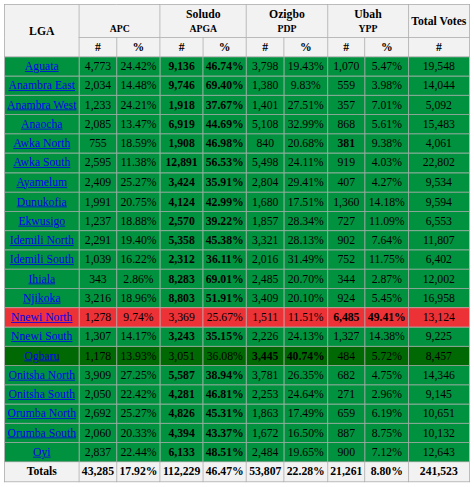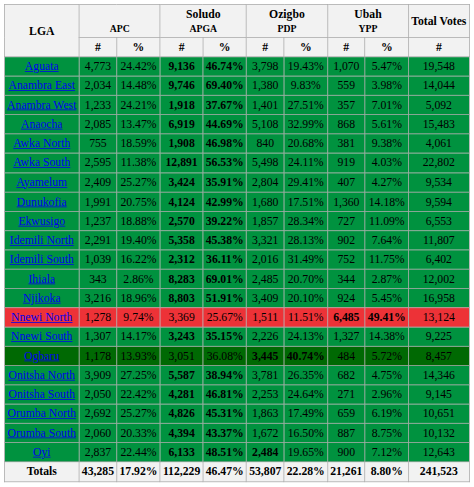 <table class="wikitable sortable" style=" font-size: 95%">
 <tr>
 <th rowspan="2">LGA</th>
 <th colspan="2"><br><small>APC</small></th>
 <th colspan="2">Soludo<br><small>APGA</small></th>
 <th colspan="2">Ozigbo<br><small>PDP</small></th>
 <th colspan="2">Ubah<br><small>YPP</small></th>
 <th>Total Votes</th>
 </tr>
 <tr>
 <th>#</th>
 <th>%</th>
 <th>#</th>
 <th>%</th>
 <th>#</th>
 <th>%</th>
 <th>#</th>
 <th>%</th>
 <th>#</th>
 </tr>
 <tr>
 <td bgcolor=#00923F align="center"><a href='#'>Aguata</a></td>
 <td bgcolor=#00923F align="center">4,773</td>
 <td bgcolor=#00923F align="center">24.42%</td>
 <td bgcolor=#00923F align="center"><strong>9,136</strong></td>
 <td bgcolor=#00923F align="center"><strong>46.74%</strong></td>
 <td bgcolor=#00923F align="center">3,798</td>
 <td bgcolor=#00923F align="center">19.43%</td>
 <td bgcolor=#00923F align="center">1,070</td>
 <td bgcolor=#00923F align="center">5.47%</td>
 <td bgcolor=#00923F align="center">19,548</td>
 </tr>
 <tr>
 <td bgcolor=#00923F align="center"><a href='#'>Anambra East</a></td>
 <td bgcolor=#00923F align="center">2,034</td>
 <td bgcolor=#00923F align="center">14.48%</td>
 <td bgcolor=#00923F align="center"><strong>9,746</strong></td>
 <td bgcolor=#00923F align="center"><strong>69.40%</strong></td>
 <td bgcolor=#00923F align="center">1,380</td>
 <td bgcolor=#00923F align="center">9.83%</td>
 <td bgcolor=#00923F align="center">559</td>
 <td bgcolor=#00923F align="center">3.98%</td>
 <td bgcolor=#00923F align="center">14,044</td>
 </tr>
 <tr>
 <td bgcolor=#00923F align="center"><a href='#'>Anambra West</a></td>
 <td bgcolor=#00923F align="center">1,233</td>
 <td bgcolor=#00923F align="center">24.21%</td>
 <td bgcolor=#00923F align="center"><strong>1,918</strong></td>
 <td bgcolor=#00923F align="center"><strong>37.67%</strong></td>
 <td bgcolor=#00923F align="center">1,401</td>
 <td bgcolor=#00923F align="center">27.51%</td>
 <td bgcolor=#00923F align="center">357</td>
 <td bgcolor=#00923F align="center">7.01%</td>
 <td bgcolor=#00923F align="center">5,092</td>
 </tr>
 <tr>
 <td bgcolor=#00923F align="center"><a href='#'>Anaocha</a></td>
 <td bgcolor=#00923F align="center">2,085</td>
 <td bgcolor=#00923F align="center">13.47%</td>
 <td bgcolor=#00923F align="center"><strong>6,919</strong></td>
 <td bgcolor=#00923F align="center"><strong>44.69%</strong></td>
 <td bgcolor=#00923F align="center">5,108</td>
 <td bgcolor=#00923F align="center">32.99%</td>
 <td bgcolor=#00923F align="center">868</td>
 <td bgcolor=#00923F align="center">5.61%</td>
 <td bgcolor=#00923F align="center">15,483</td>
 </tr>
 <tr>
 <td bgcolor=#00923F align="center"><a href='#'>Awka North</a></td>
 <td bgcolor=#00923F align="center">755</td>
 <td bgcolor=#00923F align="center">18.59%</td>
 <td bgcolor=#00923F align="center"><strong>1,908</strong></td>
 <td bgcolor=#00923F align="center"><strong>46.98%</strong></td>
 <td bgcolor=#00923F align="center">840</td>
 <td bgcolor=#00923F align="center">20.68%</td>
-<td bgcolor=#00923F align="center"><strong>381</strong></td>
+<td bgcolor=#00923F align="center">381</td>
 <td bgcolor=#00923F align="center">9.38%</td>
 <td bgcolor=#00923F align="center">4,061</td>
 </tr>
 <tr>
 <td bgcolor=#00923F align="center"><a href='#'>Awka South</a></td>
 <td bgcolor=#00923F align="center">2,595</td>
 <td bgcolor=#00923F align="center">11.38%</td>
 <td bgcolor=#00923F align="center"><strong>12,891</strong></td>
 <td bgcolor=#00923F align="center"><strong>56.53%</strong></td>
 <td bgcolor=#00923F align="center">5,498</td>
 <td bgcolor=#00923F align="center">24.11%</td>
 <td bgcolor=#00923F align="center">919</td>
 <td bgcolor=#00923F align="center">4.03%</td>
 <td bgcolor=#00923F align="center">22,802</td>
 </tr>
 <tr>
 <td bgcolor=#00923F align="center"><a href='#'>Ayamelum</a></td>
 <td bgcolor=#00923F align="center">2,409</td>
 <td bgcolor=#00923F align="center">25.27%</td>
 <td bgcolor=#00923F align="center"><strong>3,424</strong></td>
 <td bgcolor=#00923F align="center"><strong>35.91%</strong></td>
 <td bgcolor=#00923F align="center">2,804</td>
 <td bgcolor=#00923F align="center">29.41%</td>
 <td bgcolor=#00923F align="center">407</td>
 <td bgcolor=#00923F align="center">4.27%</td>
 <td bgcolor=#00923F align="center">9,534</td>
 </tr>
 <tr>
 <td bgcolor=#00923F align="center"><a href='#'>Dunukofia</a></td>
 <td bgcolor=#00923F align="center">1,991</td>
 <td bgcolor=#00923F align="center">20.75%</td>
 <td bgcolor=#00923F align="center"><strong>4,124</strong></td>
 <td bgcolor=#00923F align="center"><strong>42.99%</strong></td>
 <td bgcolor=#00923F align="center">1,680</td>
 <td bgcolor=#00923F align="center">17.51%</td>
 <td bgcolor=#00923F align="center">1,360</td>
 <td bgcolor=#00923F align="center">14.18%</td>
 <td bgcolor=#00923F align="center">9,594</td>
 </tr>
 <tr>
 <td bgcolor=#00923F align="center"><a href='#'>Ekwusigo</a></td>
 <td bgcolor=#00923F align="center">1,237</td>
 <td bgcolor=#00923F align="center">18.88%</td>
 <td bgcolor=#00923F align="center"><strong>2,570</strong></td>
 <td bgcolor=#00923F align="center"><strong>39.22%</strong></td>
 <td bgcolor=#00923F align="center">1,857</td>
 <td bgcolor=#00923F align="center">28.34%</td>
 <td bgcolor=#00923F align="center">727</td>
 <td bgcolor=#00923F align="center">11.09%</td>
 <td bgcolor=#00923F align="center">6,553</td>
 </tr>
 <tr>
 <td bgcolor=#00923F align="center"><a href='#'>Idemili North</a></td>
 <td bgcolor=#00923F align="center">2,291</td>
 <td bgcolor=#00923F align="center">19.40%</td>
 <td bgcolor=#00923F align="center"><strong>5,358</strong></td>
 <td bgcolor=#00923F align="center"><strong>45.38%</strong></td>
 <td bgcolor=#00923F align="center">3,321</td>
 <td bgcolor=#00923F align="center">28.13%</td>
 <td bgcolor=#00923F align="center">902</td>
 <td bgcolor=#00923F align="center">7.64%</td>
 <td bgcolor=#00923F align="center">11,807</td>
 </tr>
 <tr>
 <td bgcolor=#00923F align="center"><a href='#'>Idemili South</a></td>
 <td bgcolor=#00923F align="center">1,039</td>
 <td bgcolor=#00923F align="center">16.22%</td>
 <td bgcolor=#00923F align="center"><strong>2,312</strong></td>
 <td bgcolor=#00923F align="center"><strong>36.11%</strong></td>
 <td bgcolor=#00923F align="center">2,016</td>
 <td bgcolor=#00923F align="center">31.49%</td>
 <td bgcolor=#00923F align="center">752</td>
 <td bgcolor=#00923F align="center">11.75%</td>
 <td bgcolor=#00923F align="center">6,402</td>
 </tr>
 <tr>
 <td bgcolor=#00923F align="center"><a href='#'>Ihiala</a></td>
 <td bgcolor=#00923F align="center">343</td>
 <td bgcolor=#00923F align="center">2.86%</td>
 <td bgcolor=#00923F align="center"><strong>8,283</strong></td>
 <td bgcolor=#00923F align="center"><strong>69.01%</strong></td>
 <td bgcolor=#00923F align="center">2,485</td>
 <td bgcolor=#00923F align="center">20.70%</td>
 <td bgcolor=#00923F align="center">344</td>
 <td bgcolor=#00923F align="center">2.87%</td>
 <td bgcolor=#00923F align="center">12,002</td>
 </tr>
 <tr>
 <td bgcolor=#00923F align="center"><a href='#'>Njikoka</a></td>
 <td bgcolor=#00923F align="center">3,216</td>
 <td bgcolor=#00923F align="center">18.96%</td>
 <td bgcolor=#00923F align="center"><strong>8,803</strong></td>
 <td bgcolor=#00923F align="center"><strong>51.91%</strong></td>
 <td bgcolor=#00923F align="center">3,409</td>
 <td bgcolor=#00923F align="center">20.10%</td>
 <td bgcolor=#00923F align="center">924</td>
 <td bgcolor=#00923F align="center">5.45%</td>
 <td bgcolor=#00923F align="center">16,958</td>
 </tr>
 <tr>
 <td bgcolor=#ED3237 align="center"><a href='#'>Nnewi North</a></td>
 <td bgcolor=#ED3237 align="center">1,278</td>
 <td bgcolor=#ED3237 align="center">9.74%</td>
 <td bgcolor=#ED3237 align="center">3,369</td>
 <td bgcolor=#ED3237 align="center">25.67%</td>
 <td bgcolor=#ED3237 align="center">1,511</td>
 <td bgcolor=#ED3237 align="center">11.51%</td>
 <td bgcolor=#ED3237 align="center"><strong>6,485</strong></td>
 <td bgcolor=#ED3237 align="center"><strong>49.41%</strong></td>
 <td bgcolor=#ED3237 align="center">13,124</td>
 </tr>
 <tr>
 <td bgcolor=#00923F align="center"><a href='#'>Nnewi South</a></td>
 <td bgcolor=#00923F align="center">1,307</td>
 <td bgcolor=#00923F align="center">14.17%</td>
 <td bgcolor=#00923F align="center"><strong>3,243</strong></td>
 <td bgcolor=#00923F align="center"><strong>35.15%</strong></td>
 <td bgcolor=#00923F align="center">2,226</td>
 <td bgcolor=#00923F align="center">24.13%</td>
 <td bgcolor=#00923F align="center">1,327</td>
 <td bgcolor=#00923F align="center">14.38%</td>
 <td bgcolor=#00923F align="center">9,225</td>
 </tr>
 <tr>
 <td bgcolor=#006903 align="center"><a href='#'>Ogbaru</a></td>
 <td bgcolor=#006903 align="center">1,178</td>
 <td bgcolor=#006903 align="center">13.93%</td>
 <td bgcolor=#006903 align="center">3,051</td>
 <td bgcolor=#006903 align="center">36.08%</td>
 <td bgcolor=#006903 align="center"><strong>3,445</strong></td>
 <td bgcolor=#006903 align="center"><strong>40.74%</strong></td>
 <td bgcolor=#006903 align="center">484</td>
 <td bgcolor=#006903 align="center">5.72%</td>
 <td bgcolor=#006903 align="center">8,457</td>
 </tr>
 <tr>
 <td bgcolor=#00923F align="center"><a href='#'>Onitsha North</a></td>
 <td bgcolor=#00923F align="center">3,909</td>
 <td bgcolor=#00923F align="center">27.25%</td>
 <td bgcolor=#00923F align="center"><strong>5,587</strong></td>
 <td bgcolor=#00923F align="center"><strong>38.94%</strong></td>
 <td bgcolor=#00923F align="center">3,781</td>
 <td bgcolor=#00923F align="center">26.35%</td>
 <td bgcolor=#00923F align="center">682</td>
 <td bgcolor=#00923F align="center">4.75%</td>
 <td bgcolor=#00923F align="center">14,346</td>
 </tr>
 <tr>
 <td bgcolor=#00923F align="center"><a href='#'>Onitsha South</a></td>
 <td bgcolor=#00923F align="center">2,050</td>
 <td bgcolor=#00923F align="center">22.42%</td>
 <td bgcolor=#00923F align="center"><strong>4,281</strong></td>
 <td bgcolor=#00923F align="center"><strong>46.81%</strong></td>
 <td bgcolor=#00923F align="center">2,253</td>
 <td bgcolor=#00923F align="center">24.64%</td>
 <td bgcolor=#00923F align="center">271</td>
 <td bgcolor=#00923F align="center">2.96%</td>
 <td bgcolor=#00923F align="center">9,145</td>
 </tr>
 <tr>
 <td bgcolor=#00923F align="center"><a href='#'>Orumba North</a></td>
 <td bgcolor=#00923F align="center">2,692</td>
 <td bgcolor=#00923F align="center">25.27%</td>
 <td bgcolor=#00923F align="center"><strong>4,826</strong></td>
 <td bgcolor=#00923F align="center"><strong>45.31%</strong></td>
 <td bgcolor=#00923F align="center">1,863</td>
 <td bgcolor=#00923F align="center">17.49%</td>
 <td bgcolor=#00923F align="center">659</td>
 <td bgcolor=#00923F align="center">6.19%</td>
 <td bgcolor=#00923F align="center">10,651</td>
 </tr>
 <tr>
 <td bgcolor=#00923F align="center"><a href='#'>Orumba South</a></td>
 <td bgcolor=#00923F align="center">2,060</td>
 <td bgcolor=#00923F align="center">20.33%</td>
 <td bgcolor=#00923F align="center"><strong>4,394</strong></td>
 <td bgcolor=#00923F align="center"><strong>43.37%</strong></td>
 <td bgcolor=#00923F align="center">1,672</td>
 <td bgcolor=#00923F align="center">16.50%</td>
 <td bgcolor=#00923F align="center">887</td>
 <td bgcolor=#00923F align="center">8.75%</td>
 <td bgcolor=#00923F align="center">10,132</td>
 </tr>
 <tr>
 <td bgcolor=#00923F align="center"><a href='#'>Oyi</a></td>
 <td bgcolor=#00923F align="center">2,837</td>
 <td bgcolor=#00923F align="center">22.44%</td>
 <td bgcolor=#00923F align="center"><strong>6,133</strong></td>
 <td bgcolor=#00923F align="center"><strong>48.51%</strong></td>
-<td bgcolor=#00923F align="center">2,484</td>
+<td bgcolor=#00923F align="center"><strong>2,484</strong></td>
 <td bgcolor=#00923F align="center">19.65%</td>
 <td bgcolor=#00923F align="center">900</td>
 <td bgcolor=#00923F align="center">7.12%</td>
 <td bgcolor=#00923F align="center">12,643</td>
 </tr>
 <tr>
 <th>Totals</th>
 <th><strong>43,285</strong></th>
 <th><strong>17.92%</strong></th>
 <th><strong>112,229</strong></th>
 <th><strong>46.47%</strong></th>
 <th><strong>53,807</strong></th>
 <th><strong>22.28%</strong></th>
 <th><strong>21,261</strong></th>
 <th><strong>8.80%</strong></th>
 <th>241,523</th>
 </tr>
 </table>
